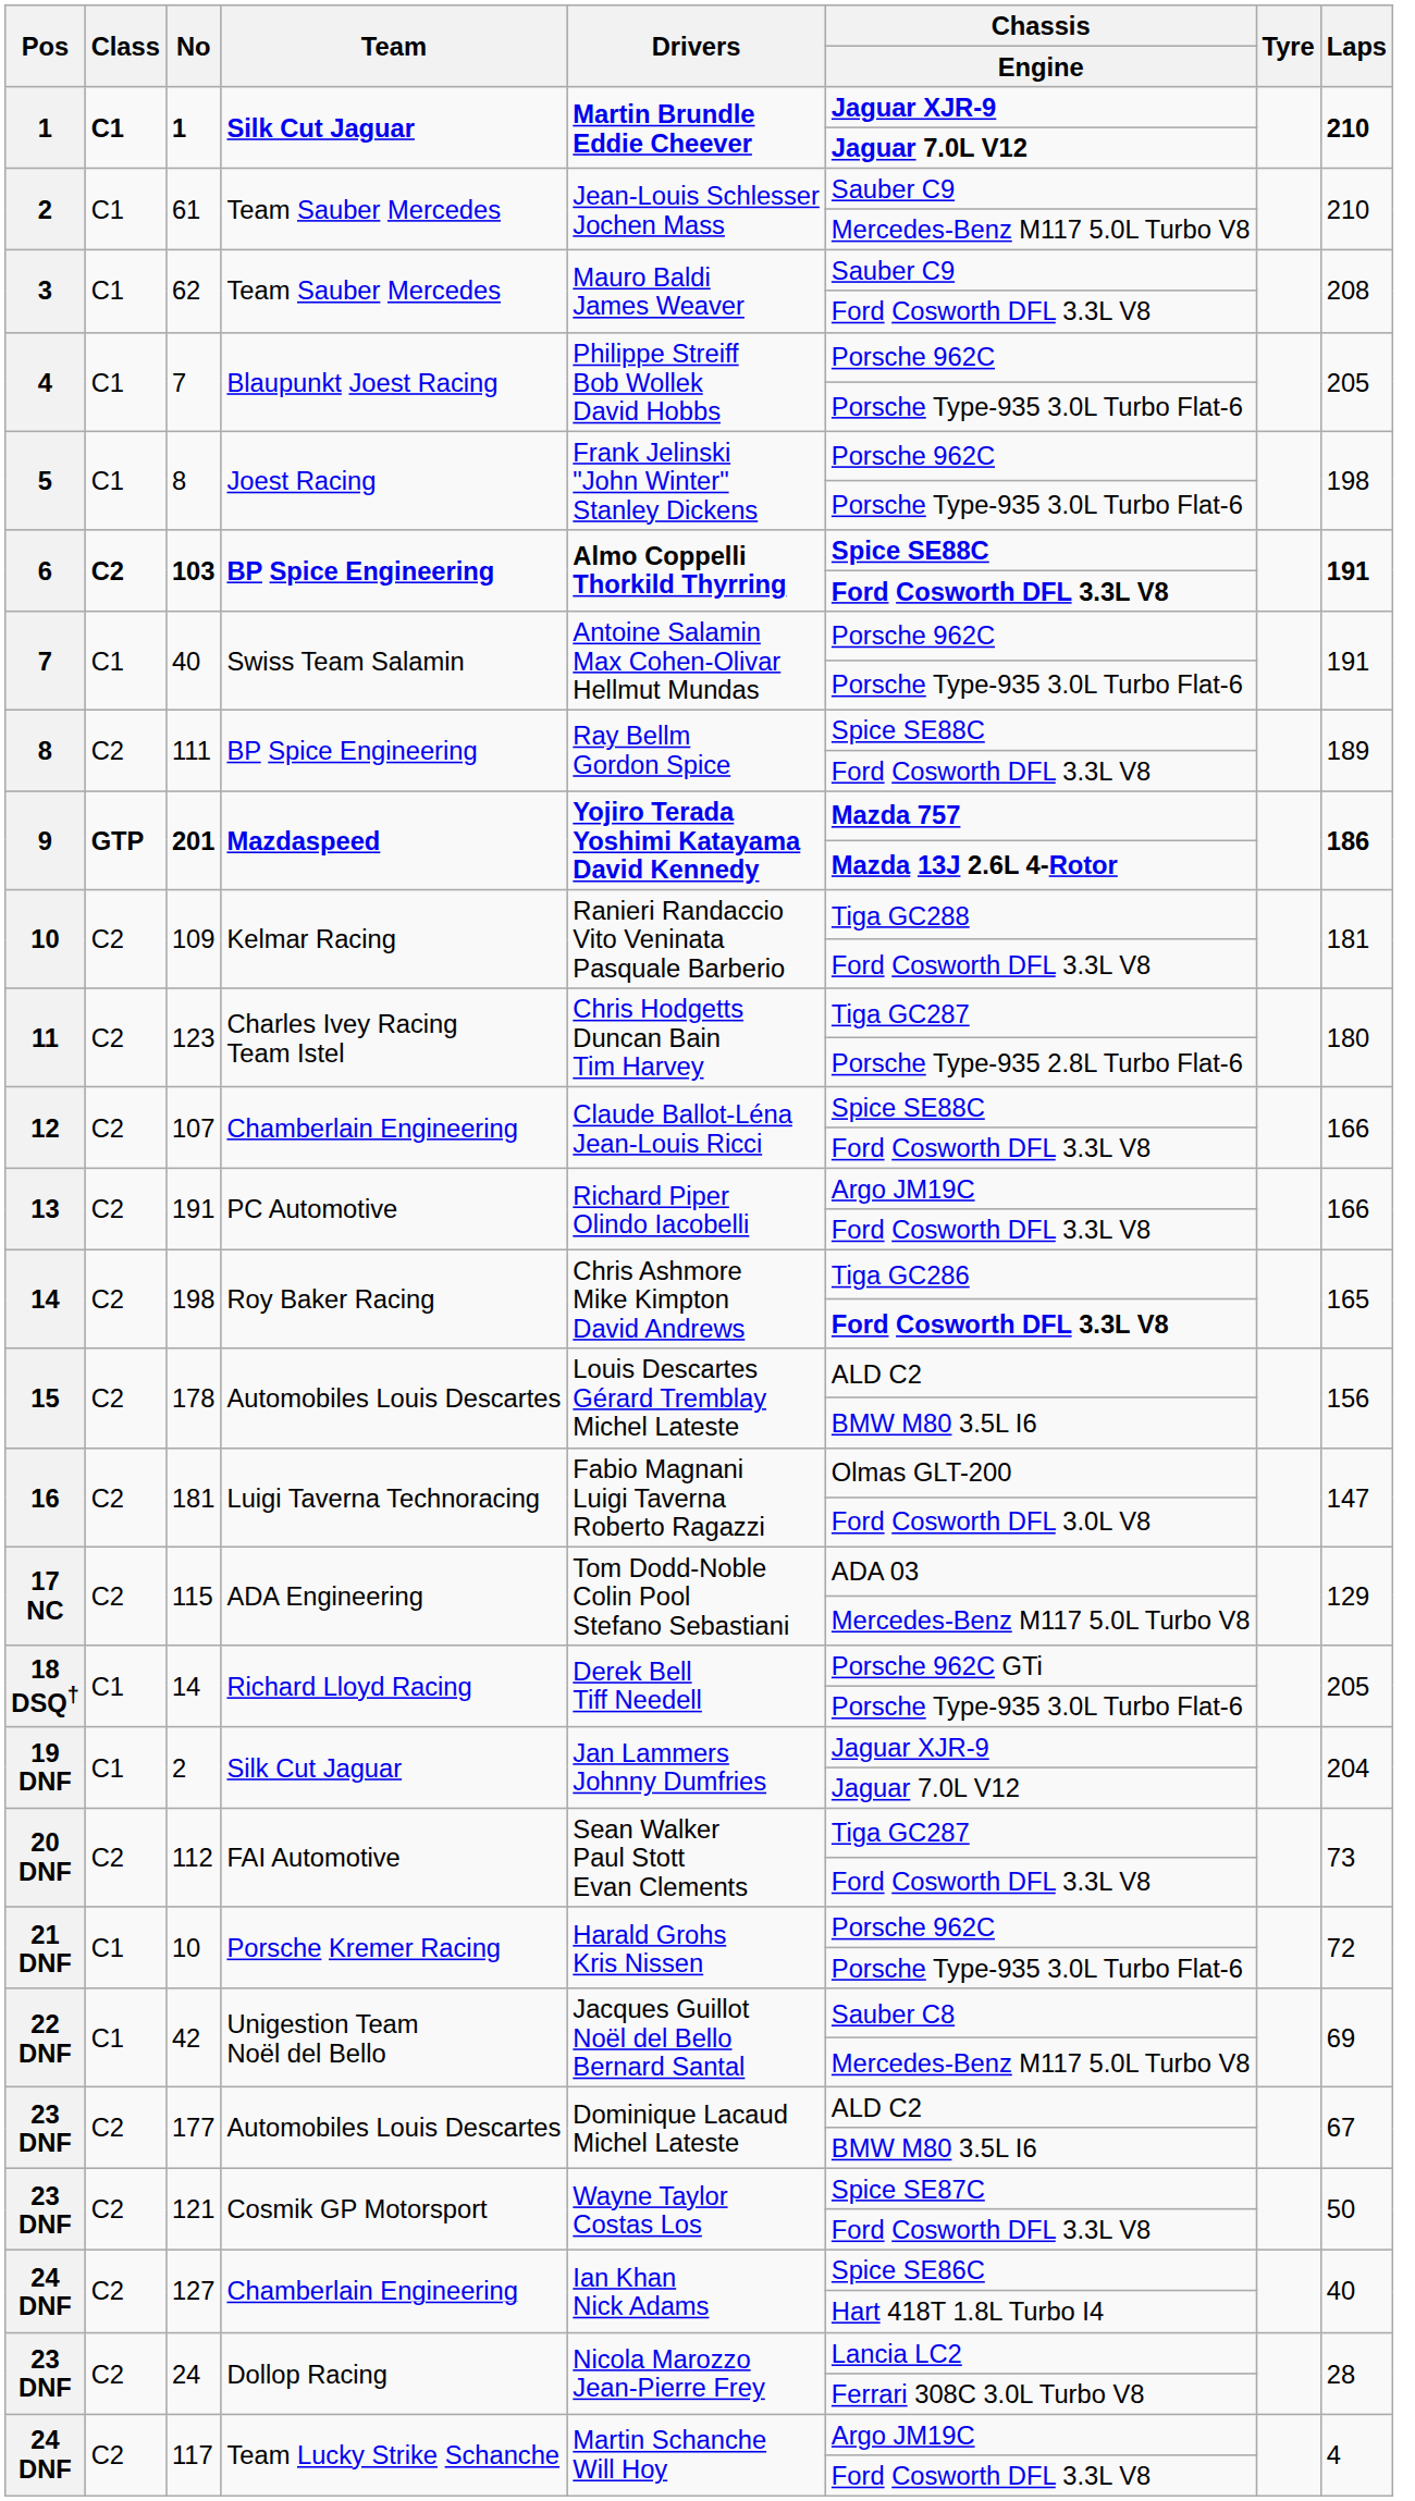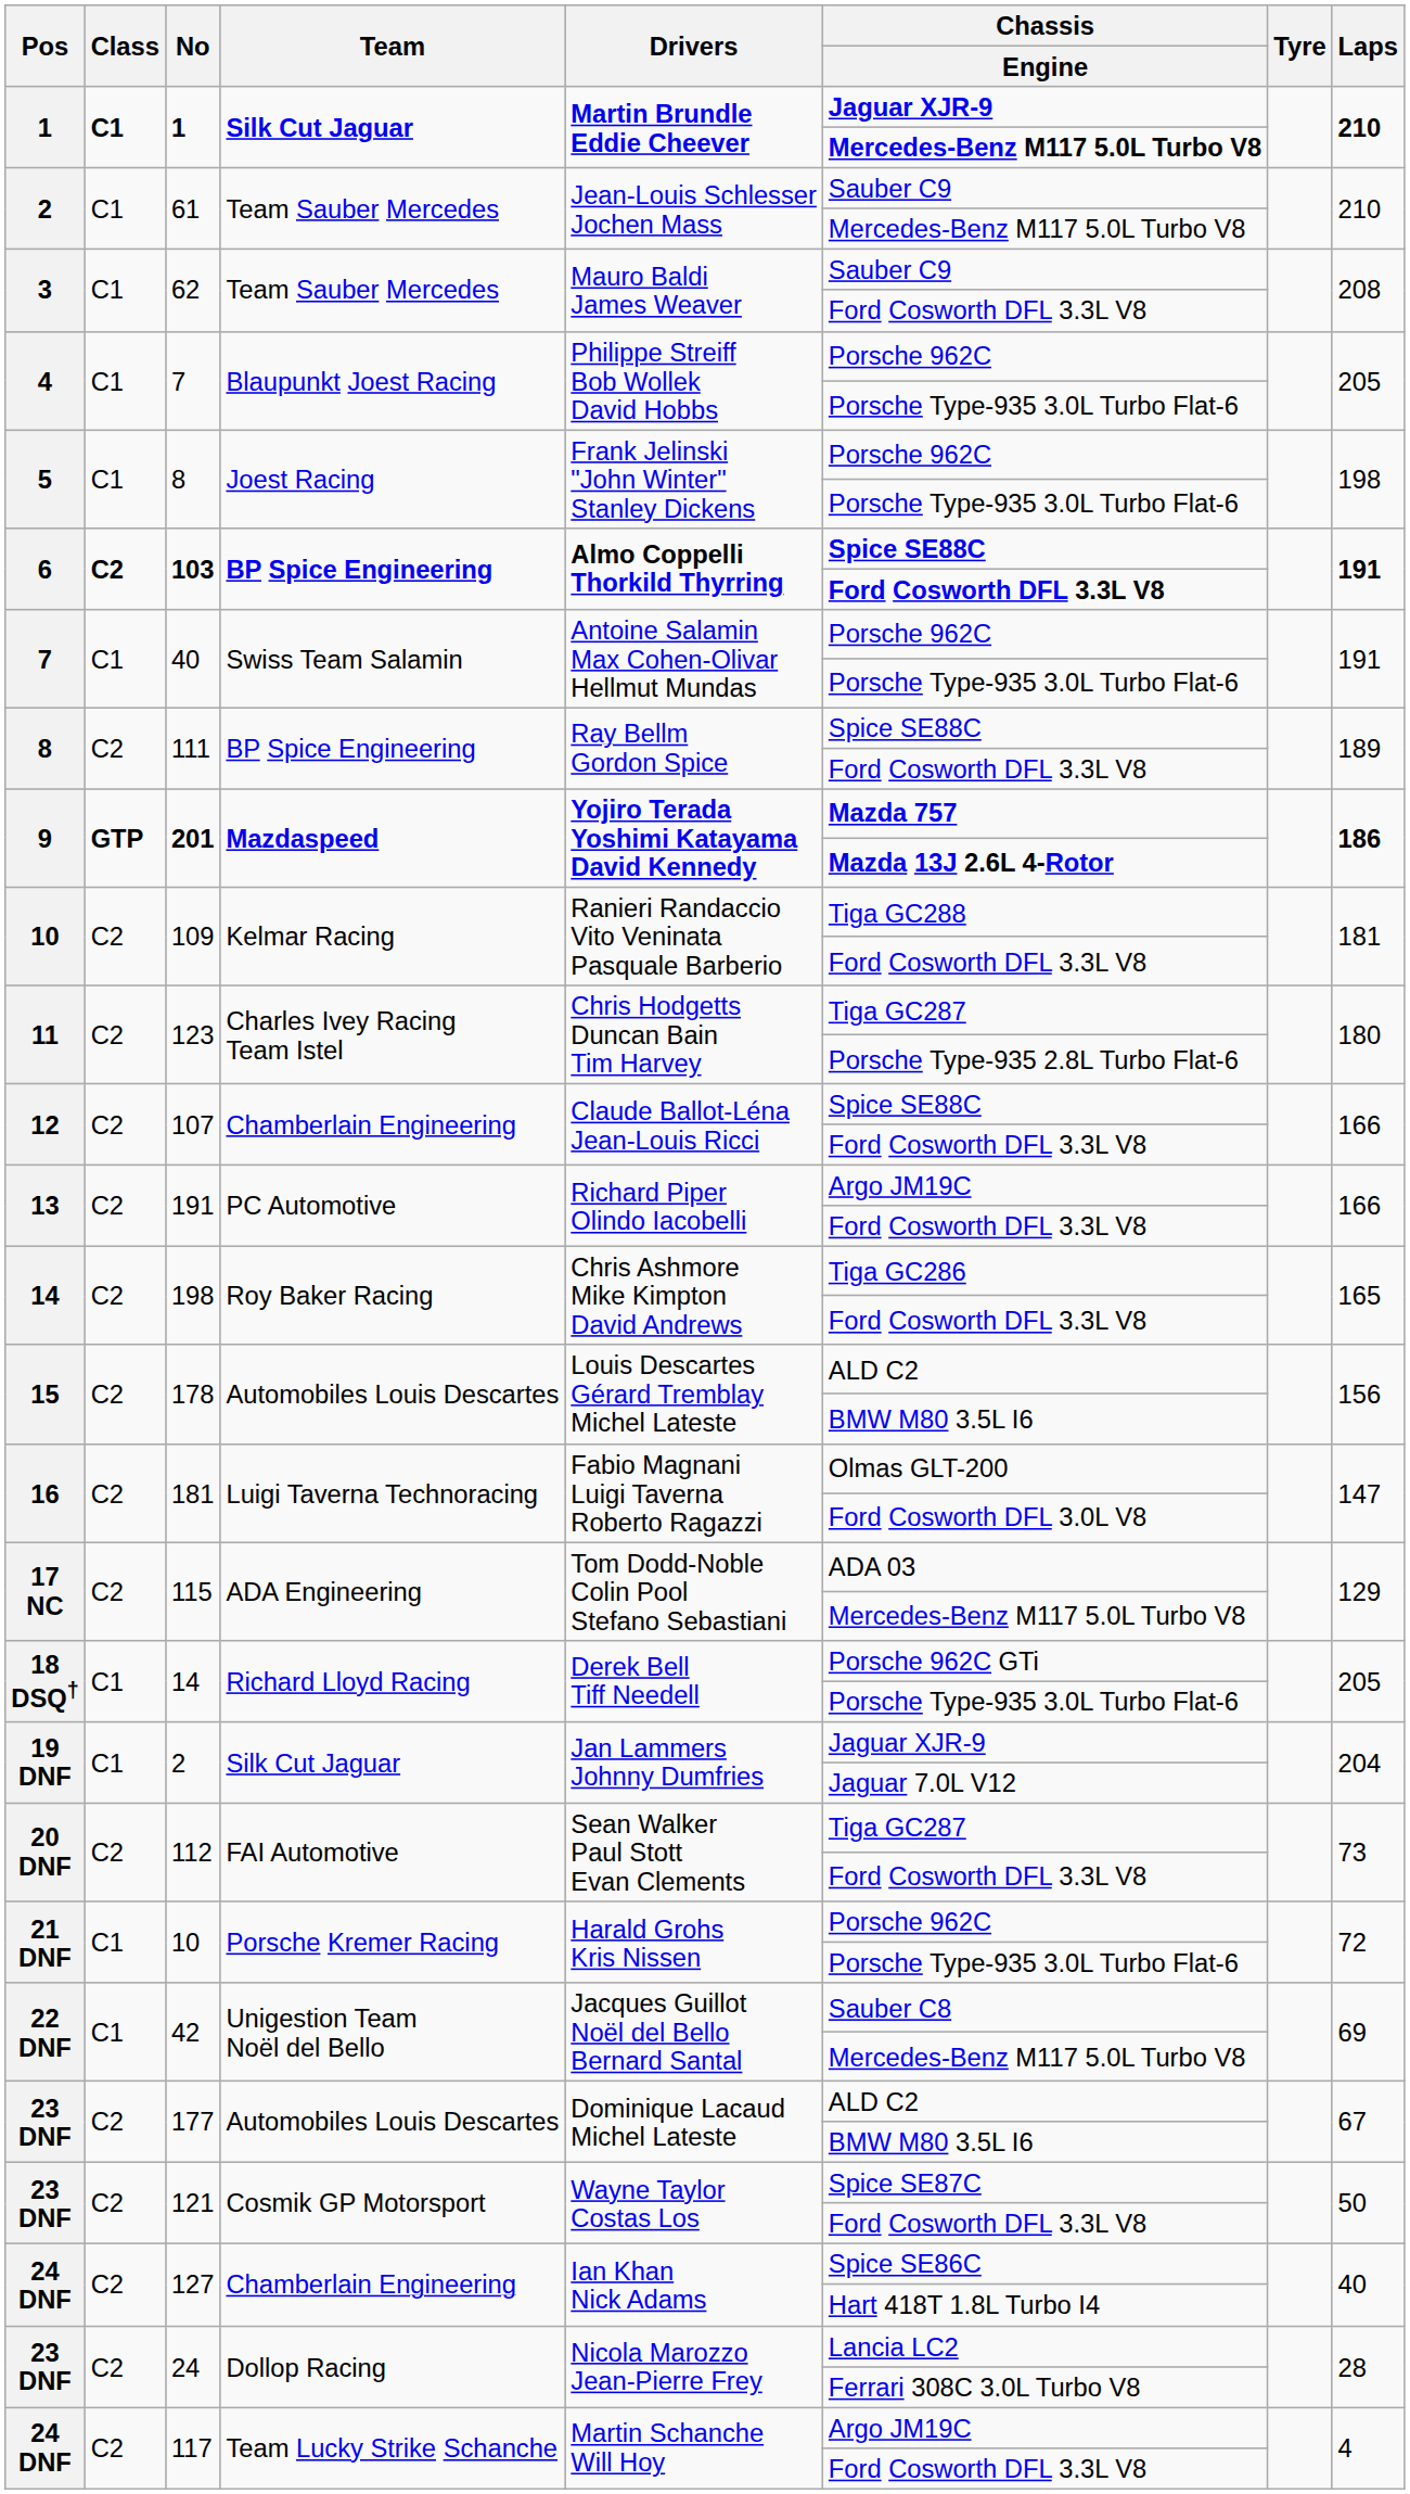 <table class="wikitable" style="font-size: 95%;">
 <tr>
 <th rowspan=2>Pos</th>
 <th rowspan=2>Class</th>
 <th rowspan=2>No</th>
 <th rowspan=2>Team</th>
 <th rowspan=2>Drivers</th>
 <th>Chassis</th>
 <th rowspan=2>Tyre</th>
 <th rowspan=2>Laps</th>
 </tr>
 <tr>
 <th>Engine</th>
 </tr>
 <tr style="font-weight:bold">
 <th rowspan=2>1</th>
 <td rowspan=2>C1</td>
 <td rowspan=2>1</td>
 <td rowspan=2> <a href='#'>Silk Cut Jaguar</a></td>
 <td rowspan=2> <a href='#'>Martin Brundle</a><br> <a href='#'>Eddie Cheever</a></td>
 <td><a href='#'>Jaguar XJR-9</a></td>
 <td rowspan=2></td>
 <td rowspan=2>210</td>
 </tr>
 <tr style="font-weight:bold">
-<td><a href='#'>Jaguar</a> 7.0L V12</td>
+<td><a href='#'>Mercedes-Benz</a> M117 5.0L Turbo V8</td>
 </tr>
 <tr>
 <th rowspan=2>2</th>
 <td rowspan=2>C1</td>
 <td rowspan=2>61</td>
 <td rowspan=2> Team <a href='#'>Sauber</a> <a href='#'>Mercedes</a></td>
 <td rowspan=2> <a href='#'>Jean-Louis Schlesser</a><br> <a href='#'>Jochen Mass</a></td>
 <td><a href='#'>Sauber C9</a></td>
 <td rowspan=2></td>
 <td rowspan=2>210</td>
 </tr>
 <tr>
 <td><a href='#'>Mercedes-Benz</a> M117 5.0L Turbo V8</td>
 </tr>
 <tr>
 <th rowspan=2>3</th>
 <td rowspan=2>C1</td>
 <td rowspan=2>62</td>
 <td rowspan=2> Team <a href='#'>Sauber</a> <a href='#'>Mercedes</a></td>
 <td rowspan=2> <a href='#'>Mauro Baldi</a><br> <a href='#'>James Weaver</a></td>
 <td><a href='#'>Sauber C9</a></td>
 <td rowspan=2></td>
 <td rowspan=2>208</td>
 </tr>
 <tr>
 <td><a href='#'>Ford</a> <a href='#'>Cosworth DFL</a> 3.3L V8</td>
 </tr>
 <tr>
 <th rowspan=2>4</th>
 <td rowspan=2>C1</td>
 <td rowspan=2>7</td>
 <td rowspan=2> <a href='#'>Blaupunkt</a> <a href='#'>Joest Racing</a></td>
 <td rowspan=2> <a href='#'>Philippe Streiff</a><br> <a href='#'>Bob Wollek</a><br> <a href='#'>David Hobbs</a></td>
 <td><a href='#'>Porsche 962C</a></td>
 <td rowspan=2></td>
 <td rowspan=2>205</td>
 </tr>
 <tr>
 <td><a href='#'>Porsche</a> Type-935 3.0L Turbo Flat-6</td>
 </tr>
 <tr>
 <th rowspan=2>5</th>
 <td rowspan=2>C1</td>
 <td rowspan=2>8</td>
 <td rowspan=2> <a href='#'>Joest Racing</a></td>
 <td rowspan=2> <a href='#'>Frank Jelinski</a><br> <a href='#'>"John Winter"</a><br> <a href='#'>Stanley Dickens</a></td>
 <td><a href='#'>Porsche 962C</a></td>
 <td rowspan=2></td>
 <td rowspan=2>198</td>
 </tr>
 <tr>
 <td><a href='#'>Porsche</a> Type-935 3.0L Turbo Flat-6</td>
 </tr>
 <tr style="font-weight:bold">
 <th rowspan=2>6</th>
 <td rowspan=2>C2</td>
 <td rowspan=2>103</td>
 <td rowspan=2> <a href='#'>BP</a> <a href='#'>Spice Engineering</a></td>
 <td rowspan=2> Almo Coppelli<br> <a href='#'>Thorkild Thyrring</a></td>
 <td><a href='#'>Spice SE88C</a></td>
 <td rowspan=2></td>
 <td rowspan=2>191</td>
 </tr>
 <tr style="font-weight:bold">
 <td><a href='#'>Ford</a> <a href='#'>Cosworth DFL</a> 3.3L V8</td>
 </tr>
 <tr>
 <th rowspan=2>7</th>
 <td rowspan=2>C1</td>
 <td rowspan=2>40</td>
 <td rowspan=2> Swiss Team Salamin</td>
 <td rowspan=2> <a href='#'>Antoine Salamin</a><br> <a href='#'>Max Cohen-Olivar</a><br> Hellmut Mundas</td>
 <td><a href='#'>Porsche 962C</a></td>
 <td rowspan=2></td>
 <td rowspan=2>191</td>
 </tr>
 <tr>
 <td><a href='#'>Porsche</a> Type-935 3.0L Turbo Flat-6</td>
 </tr>
 <tr>
 <th rowspan=2>8</th>
 <td rowspan=2>C2</td>
 <td rowspan=2>111</td>
 <td rowspan=2> <a href='#'>BP</a> <a href='#'>Spice Engineering</a></td>
 <td rowspan=2> <a href='#'>Ray Bellm</a><br> <a href='#'>Gordon Spice</a></td>
 <td><a href='#'>Spice SE88C</a></td>
 <td rowspan=2></td>
 <td rowspan=2>189</td>
 </tr>
 <tr>
 <td><a href='#'>Ford</a> <a href='#'>Cosworth DFL</a> 3.3L V8</td>
 </tr>
 <tr style="font-weight:bold">
 <th rowspan=2>9</th>
 <td rowspan=2>GTP</td>
 <td rowspan=2>201</td>
 <td rowspan=2> <a href='#'>Mazdaspeed</a></td>
 <td rowspan=2> <a href='#'>Yojiro Terada</a><br> <a href='#'>Yoshimi Katayama</a><br> <a href='#'>David Kennedy</a></td>
 <td><a href='#'>Mazda 757</a></td>
 <td rowspan=2></td>
 <td rowspan=2>186</td>
 </tr>
 <tr style="font-weight:bold">
 <td><a href='#'>Mazda</a> <a href='#'>13J</a> 2.6L 4-<a href='#'>Rotor</a></td>
 </tr>
 <tr>
 <th rowspan=2>10</th>
 <td rowspan=2>C2</td>
 <td rowspan=2>109</td>
 <td rowspan=2> Kelmar Racing</td>
 <td rowspan=2> Ranieri Randaccio<br> Vito Veninata<br> Pasquale Barberio</td>
 <td><a href='#'>Tiga GC288</a></td>
 <td rowspan=2></td>
 <td rowspan=2>181</td>
 </tr>
 <tr>
 <td><a href='#'>Ford</a> <a href='#'>Cosworth DFL</a> 3.3L V8</td>
 </tr>
 <tr>
 <th rowspan=2>11</th>
 <td rowspan=2>C2</td>
 <td rowspan=2>123</td>
 <td rowspan=2> Charles Ivey Racing<br> Team Istel</td>
 <td rowspan=2> <a href='#'>Chris Hodgetts</a><br> Duncan Bain<br> <a href='#'>Tim Harvey</a></td>
 <td><a href='#'>Tiga GC287</a></td>
 <td rowspan=2></td>
 <td rowspan=2>180</td>
 </tr>
 <tr>
 <td><a href='#'>Porsche</a> Type-935 2.8L Turbo Flat-6</td>
 </tr>
 <tr>
 <th rowspan=2>12</th>
 <td rowspan=2>C2</td>
 <td rowspan=2>107</td>
 <td rowspan=2> <a href='#'>Chamberlain Engineering</a></td>
 <td rowspan=2> <a href='#'>Claude Ballot-Léna</a><br> <a href='#'>Jean-Louis Ricci</a></td>
 <td><a href='#'>Spice SE88C</a></td>
 <td rowspan=2></td>
 <td rowspan=2>166</td>
 </tr>
 <tr>
 <td><a href='#'>Ford</a> <a href='#'>Cosworth DFL</a> 3.3L V8</td>
 </tr>
 <tr>
 <th rowspan=2>13</th>
 <td rowspan=2>C2</td>
 <td rowspan=2>191</td>
 <td rowspan=2> PC Automotive</td>
 <td rowspan=2> <a href='#'>Richard Piper</a><br> <a href='#'>Olindo Iacobelli</a></td>
 <td><a href='#'>Argo JM19C</a></td>
 <td rowspan=2></td>
 <td rowspan=2>166</td>
 </tr>
 <tr>
 <td><a href='#'>Ford</a> <a href='#'>Cosworth DFL</a> 3.3L V8</td>
 </tr>
 <tr>
 <th rowspan=2>14</th>
 <td rowspan=2>C2</td>
 <td rowspan=2>198</td>
 <td rowspan=2> Roy Baker Racing</td>
 <td rowspan=2> Chris Ashmore<br> Mike Kimpton<br> <a href='#'>David Andrews</a></td>
 <td><a href='#'>Tiga GC286</a></td>
 <td rowspan=2></td>
 <td rowspan=2>165</td>
 </tr>
 <tr>
-<td><strong><a href='#'>Ford</a> <a href='#'>Cosworth DFL</a> 3.3L V8</strong></td>
+<td><a href='#'>Ford</a> <a href='#'>Cosworth DFL</a> 3.3L V8</td>
 </tr>
 <tr>
 <th rowspan=2>15</th>
 <td rowspan=2>C2</td>
 <td rowspan=2>178</td>
 <td rowspan=2> Automobiles Louis Descartes</td>
 <td rowspan=2> Louis Descartes<br> <a href='#'>Gérard Tremblay</a><br> Michel Lateste</td>
 <td>ALD C2</td>
 <td rowspan=2></td>
 <td rowspan=2>156</td>
 </tr>
 <tr>
 <td><a href='#'>BMW M80</a> 3.5L I6</td>
 </tr>
 <tr>
 <th rowspan=2>16</th>
 <td rowspan=2>C2</td>
 <td rowspan=2>181</td>
 <td rowspan=2> Luigi Taverna Technoracing</td>
 <td rowspan=2> Fabio Magnani<br> Luigi Taverna<br> Roberto Ragazzi</td>
 <td>Olmas GLT-200</td>
 <td rowspan=2></td>
 <td rowspan=2>147</td>
 </tr>
 <tr>
 <td><a href='#'>Ford</a> <a href='#'>Cosworth DFL</a> 3.0L V8</td>
 </tr>
 <tr>
 <th rowspan=2>17<br>NC</th>
 <td rowspan=2>C2</td>
 <td rowspan=2>115</td>
 <td rowspan=2> ADA Engineering</td>
 <td rowspan=2> Tom Dodd-Noble<br> Colin Pool<br> Stefano Sebastiani</td>
 <td>ADA 03</td>
 <td rowspan=2></td>
 <td rowspan=2>129</td>
 </tr>
 <tr>
 <td><a href='#'>Mercedes-Benz</a> M117 5.0L Turbo V8</td>
 </tr>
 <tr>
 <th rowspan=2>18<br>DSQ<sup>†</sup></th>
 <td rowspan=2>C1</td>
 <td rowspan=2>14</td>
 <td rowspan=2> <a href='#'>Richard Lloyd Racing</a></td>
 <td rowspan=2> <a href='#'>Derek Bell</a><br> <a href='#'>Tiff Needell</a></td>
 <td><a href='#'>Porsche 962C</a> GTi</td>
 <td rowspan=2></td>
 <td rowspan=2>205</td>
 </tr>
 <tr>
 <td><a href='#'>Porsche</a> Type-935 3.0L Turbo Flat-6</td>
 </tr>
 <tr>
 <th rowspan=2>19<br>DNF</th>
 <td rowspan=2>C1</td>
 <td rowspan=2>2</td>
 <td rowspan=2> <a href='#'>Silk Cut Jaguar</a></td>
 <td rowspan=2> <a href='#'>Jan Lammers</a><br> <a href='#'>Johnny Dumfries</a></td>
 <td><a href='#'>Jaguar XJR-9</a></td>
 <td rowspan=2></td>
 <td rowspan=2>204</td>
 </tr>
 <tr>
 <td><a href='#'>Jaguar</a> 7.0L V12</td>
 </tr>
 <tr>
 <th rowspan=2>20<br>DNF</th>
 <td rowspan=2>C2</td>
 <td rowspan=2>112</td>
 <td rowspan=2> FAI Automotive</td>
 <td rowspan=2> Sean Walker<br> Paul Stott<br> Evan Clements</td>
 <td><a href='#'>Tiga GC287</a></td>
 <td rowspan=2></td>
 <td rowspan=2>73</td>
 </tr>
 <tr>
 <td><a href='#'>Ford</a> <a href='#'>Cosworth DFL</a> 3.3L V8</td>
 </tr>
 <tr>
 <th rowspan=2>21<br>DNF</th>
 <td rowspan=2>C1</td>
 <td rowspan=2>10</td>
 <td rowspan=2> <a href='#'>Porsche</a> <a href='#'>Kremer Racing</a></td>
 <td rowspan=2> <a href='#'>Harald Grohs</a><br> <a href='#'>Kris Nissen</a></td>
 <td><a href='#'>Porsche 962C</a></td>
 <td rowspan=2></td>
 <td rowspan=2>72</td>
 </tr>
 <tr>
 <td><a href='#'>Porsche</a> Type-935 3.0L Turbo Flat-6</td>
 </tr>
 <tr>
 <th rowspan=2>22<br>DNF</th>
 <td rowspan=2>C1</td>
 <td rowspan=2>42</td>
 <td rowspan=2> Unigestion Team<br> Noël del Bello</td>
 <td rowspan=2> Jacques Guillot<br> <a href='#'>Noël del Bello</a><br> <a href='#'>Bernard Santal</a></td>
 <td><a href='#'>Sauber C8</a></td>
 <td rowspan=2></td>
 <td rowspan=2>69</td>
 </tr>
 <tr>
 <td><a href='#'>Mercedes-Benz</a> M117 5.0L Turbo V8</td>
 </tr>
 <tr>
 <th rowspan=2>23<br>DNF</th>
 <td rowspan=2>C2</td>
 <td rowspan=2>177</td>
 <td rowspan=2> Automobiles Louis Descartes</td>
 <td rowspan=2> Dominique Lacaud<br> Michel Lateste</td>
 <td>ALD C2</td>
 <td rowspan=2></td>
 <td rowspan=2>67</td>
 </tr>
 <tr>
 <td><a href='#'>BMW M80</a> 3.5L I6</td>
 </tr>
 <tr>
 <th rowspan=2>23<br>DNF</th>
 <td rowspan=2>C2</td>
 <td rowspan=2>121</td>
 <td rowspan=2> Cosmik GP Motorsport</td>
 <td rowspan=2> <a href='#'>Wayne Taylor</a><br> <a href='#'>Costas Los</a></td>
 <td><a href='#'>Spice SE87C</a></td>
 <td rowspan=2></td>
 <td rowspan=2>50</td>
 </tr>
 <tr>
 <td><a href='#'>Ford</a> <a href='#'>Cosworth DFL</a> 3.3L V8</td>
 </tr>
 <tr>
 <th rowspan=2>24<br>DNF</th>
 <td rowspan=2>C2</td>
 <td rowspan=2>127</td>
 <td rowspan=2> <a href='#'>Chamberlain Engineering</a></td>
 <td rowspan=2> <a href='#'>Ian Khan</a><br> <a href='#'>Nick Adams</a></td>
 <td><a href='#'>Spice SE86C</a></td>
 <td rowspan=2></td>
 <td rowspan=2>40</td>
 </tr>
 <tr>
 <td><a href='#'>Hart</a> 418T 1.8L Turbo I4</td>
 </tr>
 <tr>
 <th rowspan=2>23<br>DNF</th>
 <td rowspan=2>C2</td>
 <td rowspan=2>24</td>
 <td rowspan=2> Dollop Racing</td>
 <td rowspan=2> <a href='#'>Nicola Marozzo</a><br> <a href='#'>Jean-Pierre Frey</a></td>
 <td><a href='#'>Lancia LC2</a></td>
 <td rowspan=2></td>
 <td rowspan=2>28</td>
 </tr>
 <tr>
 <td><a href='#'>Ferrari</a> 308C 3.0L Turbo V8</td>
 </tr>
 <tr>
 <th rowspan=2>24<br>DNF</th>
 <td rowspan=2>C2</td>
 <td rowspan=2>117</td>
 <td rowspan=2> Team <a href='#'>Lucky Strike</a> <a href='#'>Schanche</a></td>
 <td rowspan=2> <a href='#'>Martin Schanche</a><br> <a href='#'>Will Hoy</a></td>
 <td><a href='#'>Argo JM19C</a></td>
 <td rowspan=2></td>
 <td rowspan=2>4</td>
 </tr>
 <tr>
 <td><a href='#'>Ford</a> <a href='#'>Cosworth DFL</a> 3.3L V8</td>
 </tr>
 </table>
